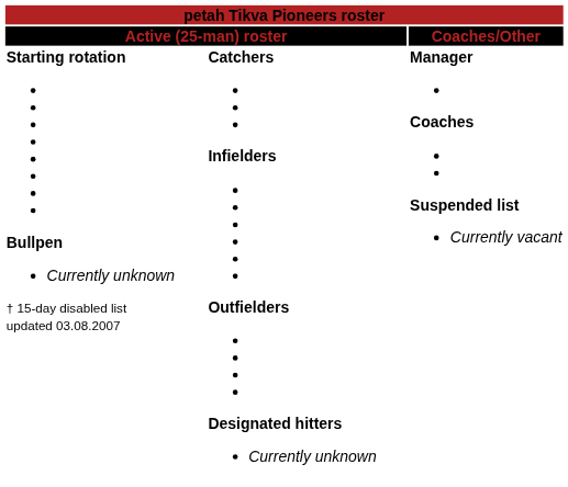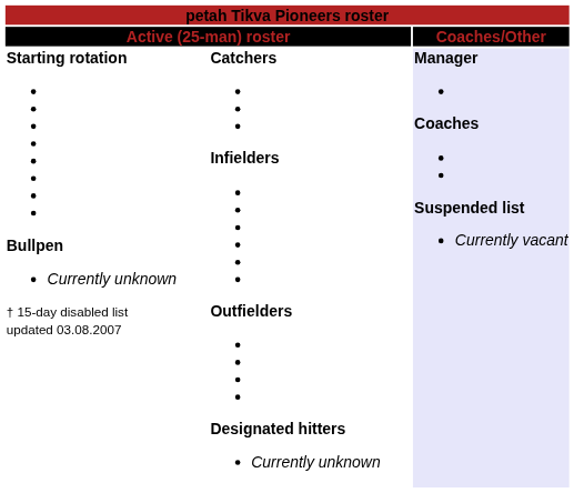 <table class="toccolours" style="font-size: 95%;">
 <tr>
 <th colspan="10" style="background-color: firebrick; color: black; text-align: center;">petah Tikva Pioneers roster</th>
 </tr>
 <tr>
 <td colspan="4" style="background-color: black; color: firebrick; text-align: center;"><strong>Active (25-man) roster</strong></td>
 <td colspan="1" style="background-color: black; color: firebrick; text-align: center;"><strong>Coaches/Other</strong></td>
 </tr>
 <tr>
 <td style="vertical-align:top;"><strong>Starting rotation</strong><br><ul><li></li><li></li><li></li><li></li><li></li><li></li><li></li><li></li></ul><strong>Bullpen</strong><ul><li><em>Currently unknown</em></li></ul><small>† 15-day disabled list</small><br> <small> updated 03.08.2007</small><br> <small></small></td>
 <td width="25px"></td>
 <td style="vertical-align:top;"><strong>Catchers</strong><br><ul><li></li><li></li><li></li></ul><strong>Infielders</strong><ul><li></li><li></li><li></li><li></li><li></li><li></li></ul><strong>Outfielders</strong><ul><li></li><li></li><li></li><li></li></ul><strong>Designated hitters</strong><ul><li><em>Currently unknown</em></li></ul></td>
 <td width="25px"></td>
-<td style="vertical-align:top;"><strong>Manager</strong><br><ul><li></li></ul><strong>Coaches</strong><ul><li></li><li></li></ul><strong>Suspended list</strong><ul><li><em>Currently vacant</em></li></ul></td>
+<td style="background: lavender; vertical-align:top;"><strong>Manager</strong><br><ul><li></li></ul><strong>Coaches</strong><ul><li></li><li></li></ul><strong>Suspended list</strong><ul><li><em>Currently vacant</em></li></ul></td>
 </tr>
 <tr>
 </tr>
 </table>
